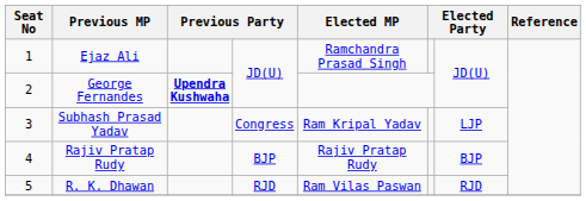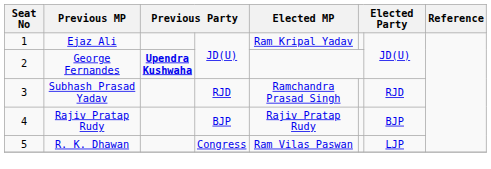 <table class="wikitable">
 <tr>
 <th>Seat No</th>
 <th>Previous MP</th>
 <th colspan=2>Previous Party</th>
 <th>Elected MP</th>
 <th colspan=2>Elected Party</th>
 <th>Reference</th>
 </tr>
 <tr style="text-align:center;">
 <td>1</td>
 <td><a href='#'>Ejaz Ali</a></td>
 <td width="1px"></td>
 <td rowspan=2><a href='#'>JD(U)</a></td>
-<td><a href='#'>Ramchandra Prasad Singh</a></td>
+<td><a href='#'>Ram Kripal Yadav</a></td>
 <td width="1px"></td>
 <td rowspan="2"><a href='#'>JD(U)</a></td>
 <td rowspan=5></td>
 </tr>
 <tr style="text-align:center;">
 <td>2</td>
 <td><a href='#'>George Fernandes</a></td>
 <td><strong><a href='#'>Upendra Kushwaha</a></strong></td>
 </tr>
 <tr style="text-align:center;">
 <td>3</td>
 <td><a href='#'>Subhash Prasad Yadav</a></td>
 <td width="1px"></td>
-<td><a href='#'>Congress</a></td>
-<td><a href='#'>Ram Kripal Yadav</a></td>
+<td><a href='#'>RJD</a></td>
+<td><a href='#'>Ramchandra Prasad Singh</a></td>
 <td width="1px"></td>
-<td><a href='#'>LJP</a></td>
+<td rowspan="1"><a href='#'>RJD</a></td>
 </tr>
 <tr style="text-align:center;">
 <td>4</td>
 <td><a href='#'>Rajiv Pratap Rudy</a></td>
 <td width="1px"></td>
 <td><a href='#'>BJP</a></td>
 <td><a href='#'>Rajiv Pratap Rudy</a></td>
 <td width="1px"></td>
 <td><a href='#'>BJP</a></td>
 </tr>
 <tr style="text-align:center;">
 <td>5</td>
 <td><a href='#'>R. K. Dhawan</a></td>
 <td width="1px"></td>
-<td><a href='#'>RJD</a></td>
+<td><a href='#'>Congress</a></td>
 <td><a href='#'>Ram Vilas Paswan</a></td>
 <td width="1px"></td>
-<td rowspan="1"><a href='#'>RJD</a></td>
+<td><a href='#'>LJP</a></td>
 </tr>
 <tr style="text-align:center;">
 </tr>
 </table>
